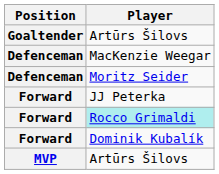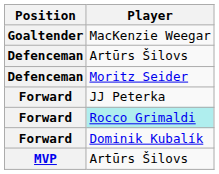 <table class="wikitable plainrowheaders">
 <tr>
 <th scope="col">Position</th>
 <th scope="col">Player</th>
 </tr>
 <tr>
 <th scope="row">Goaltender</th>
-<td> Artūrs Šilovs</td>
+<td> MacKenzie Weegar</td>
 </tr>
 <tr>
 <th scope="row">Defenceman</th>
-<td> MacKenzie Weegar</td>
+<td> Artūrs Šilovs</td>
 </tr>
 <tr>
 <th scope="row">Defenceman</th>
 <td> <a href='#'>Moritz Seider</a></td>
 </tr>
 <tr>
 <th scope="row">Forward</th>
 <td> JJ Peterka</td>
 </tr>
 <tr>
 <th scope="row">Forward</th>
 <td style="background: paleturquoise;"> <a href='#'>Rocco Grimaldi</a></td>
 </tr>
 <tr>
 <th scope="row">Forward</th>
 <td> <a href='#'>Dominik Kubalík</a></td>
 </tr>
 <tr>
 <th scope="row"><a href='#'>MVP</a></th>
 <td> Artūrs Šilovs</td>
 </tr>
 </table>
